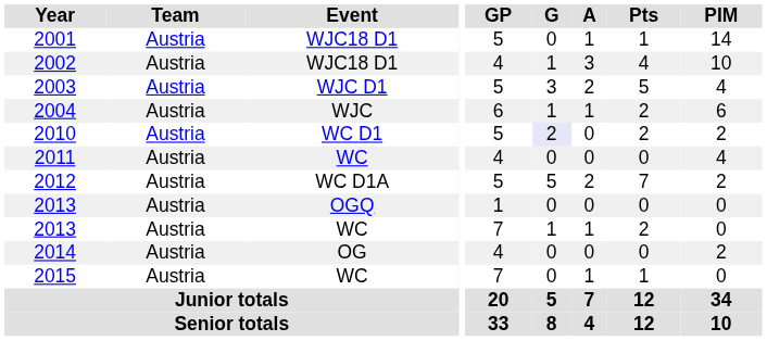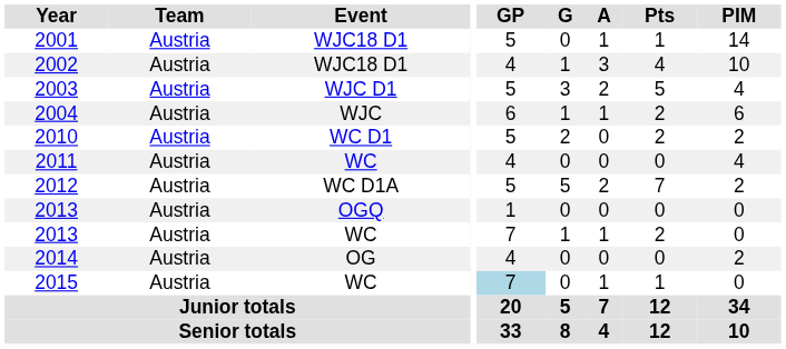 <table border="0" cellpadding="1" cellspacing="0" ID="Table3" style="text-align:center; width:40em">
 <tr ALIGN="center" bgcolor="#e0e0e0">
 <th>Year</th>
 <th>Team</th>
 <th>Event</th>
 <th rowspan="99" bgcolor="#ffffff"></th>
 <th>GP</th>
 <th>G</th>
 <th>A</th>
 <th>Pts</th>
 <th>PIM</th>
 </tr>
 <tr>
 <td><a href='#'>2001</a></td>
 <td><a href='#'>Austria</a></td>
 <td><a href='#'>WJC18 D1</a></td>
 <td>5</td>
 <td>0</td>
 <td>1</td>
 <td>1</td>
 <td>14</td>
 </tr>
 <tr bgcolor="#f0f0f0">
 <td><a href='#'>2002</a></td>
 <td>Austria</td>
 <td>WJC18 D1</td>
 <td>4</td>
 <td>1</td>
 <td>3</td>
 <td>4</td>
 <td>10</td>
 </tr>
 <tr>
 <td><a href='#'>2003</a></td>
 <td><a href='#'>Austria</a></td>
 <td><a href='#'>WJC D1</a></td>
 <td>5</td>
 <td>3</td>
 <td>2</td>
 <td>5</td>
 <td>4</td>
 </tr>
 <tr bgcolor="#f0f0f0">
 <td><a href='#'>2004</a></td>
 <td>Austria</td>
 <td>WJC</td>
 <td>6</td>
 <td>1</td>
 <td>1</td>
 <td>2</td>
 <td>6</td>
 </tr>
 <tr>
 <td><a href='#'>2010</a></td>
 <td><a href='#'>Austria</a></td>
 <td><a href='#'>WC D1</a></td>
 <td>5</td>
-<td style="background: lavender;">2</td>
+<td>2</td>
 <td>0</td>
 <td>2</td>
 <td>2</td>
 </tr>
 <tr bgcolor="#f0f0f0">
 <td><a href='#'>2011</a></td>
 <td>Austria</td>
 <td><a href='#'>WC</a></td>
 <td>4</td>
 <td>0</td>
 <td>0</td>
 <td>0</td>
 <td>4</td>
 </tr>
 <tr>
 <td><a href='#'>2012</a></td>
 <td>Austria</td>
 <td>WC D1A</td>
 <td>5</td>
 <td>5</td>
 <td>2</td>
 <td>7</td>
 <td>2</td>
 </tr>
 <tr bgcolor="#f0f0f0">
 <td><a href='#'>2013</a></td>
 <td>Austria</td>
 <td><a href='#'>OGQ</a></td>
 <td>1</td>
 <td>0</td>
 <td>0</td>
 <td>0</td>
 <td>0</td>
 </tr>
 <tr>
 <td><a href='#'>2013</a></td>
 <td>Austria</td>
 <td>WC</td>
 <td>7</td>
 <td>1</td>
 <td>1</td>
 <td>2</td>
 <td>0</td>
 </tr>
 <tr bgcolor="#f0f0f0">
 <td><a href='#'>2014</a></td>
 <td>Austria</td>
 <td>OG</td>
 <td>4</td>
 <td>0</td>
 <td>0</td>
 <td>0</td>
 <td>2</td>
 </tr>
 <tr>
 <td><a href='#'>2015</a></td>
 <td>Austria</td>
 <td>WC</td>
-<td>7</td>
+<td style="background: lightblue;">7</td>
 <td>0</td>
 <td>1</td>
 <td>1</td>
 <td>0</td>
 </tr>
 <tr bgcolor="#e0e0e0">
 <th colspan=3>Junior totals</th>
 <th>20</th>
 <th>5</th>
 <th>7</th>
 <th>12</th>
 <th>34</th>
 </tr>
 <tr bgcolor="#e0e0e0">
 <th colspan=3>Senior totals</th>
 <th>33</th>
 <th>8</th>
 <th>4</th>
 <th>12</th>
 <th>10</th>
 </tr>
 </table>
